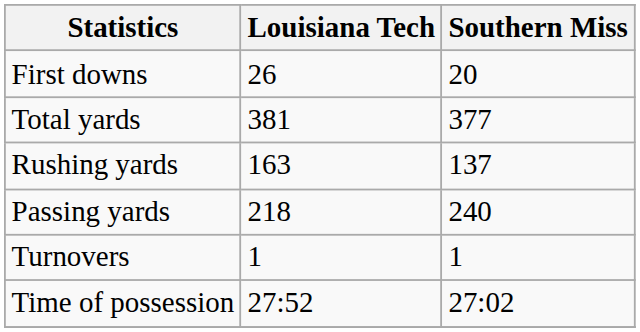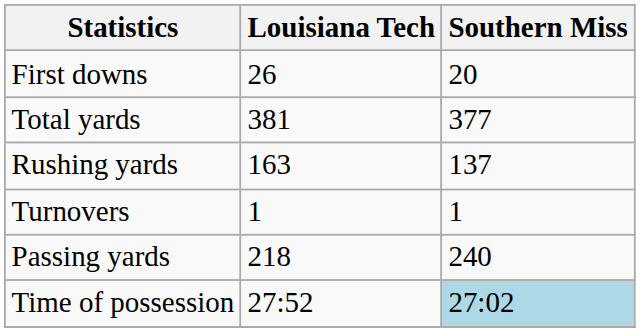 <table class="wikitable">
 <tr>
 <th>Statistics</th>
 <th>Louisiana Tech</th>
 <th>Southern Miss</th>
 </tr>
 <tr>
 <td>First downs</td>
 <td>26</td>
 <td>20</td>
 </tr>
 <tr>
 <td>Total yards</td>
 <td>381</td>
 <td>377</td>
 </tr>
 <tr>
 <td>Rushing yards</td>
 <td>163</td>
 <td>137</td>
 </tr>
 <tr>
+<td>Turnovers</td>
+<td>1</td>
+<td>1</td>
+</tr>
+<tr>
 <td>Passing yards</td>
 <td>218</td>
 <td>240</td>
 </tr>
 <tr>
-<td>Turnovers</td>
-<td>1</td>
-<td>1</td>
-</tr>
-<tr>
 <td>Time of possession</td>
 <td>27:52</td>
-<td>27:02</td>
+<td style="background: lightblue;">27:02</td>
 </tr>
 <tr>
 </tr>
 </table>
